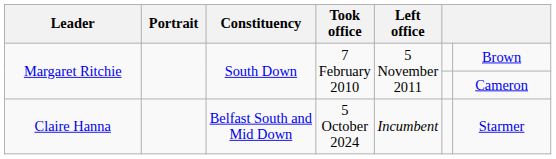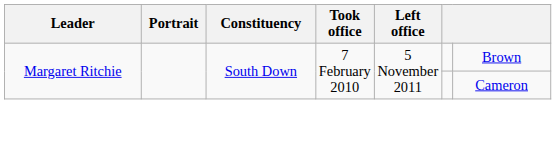 <table class="wikitable" style="text-align:center">
 <tr>
 <th style="width:25%;">Leader<br></th>
 <th width=60>Portrait</th>
 <th style="width:20%;">Constituency</th>
 <th style="width:10%;">Took office</th>
 <th style="width:10%;">Left office</th>
 <th colspan="2" style="width:20%;"></th>
 </tr>
 <tr>
 <td rowspan=2><a href='#'>Margaret Ritchie</a><br></td>
 <td rowspan=2></td>
 <td rowspan=2><a href='#'>South Down</a></td>
 <td rowspan=2>7 February 2010</td>
 <td rowspan=2>5 November 2011</td>
 <td style="background-color: "></td>
 <td><a href='#'>Brown</a></td>
 </tr>
 <tr>
 <td style="background-color: "></td>
 <td><a href='#'>Cameron</a></td>
 </tr>
-<tr>
-<td><a href='#'>Claire Hanna</a><br></td>
-<td></td>
-<td><a href='#'>Belfast South and Mid Down</a></td>
-<td>5 October 2024</td>
-<td><em>Incumbent</em></td>
-<td style="background-color: "></td>
-<td><a href='#'>Starmer</a></td>
-</tr>
 </table>
